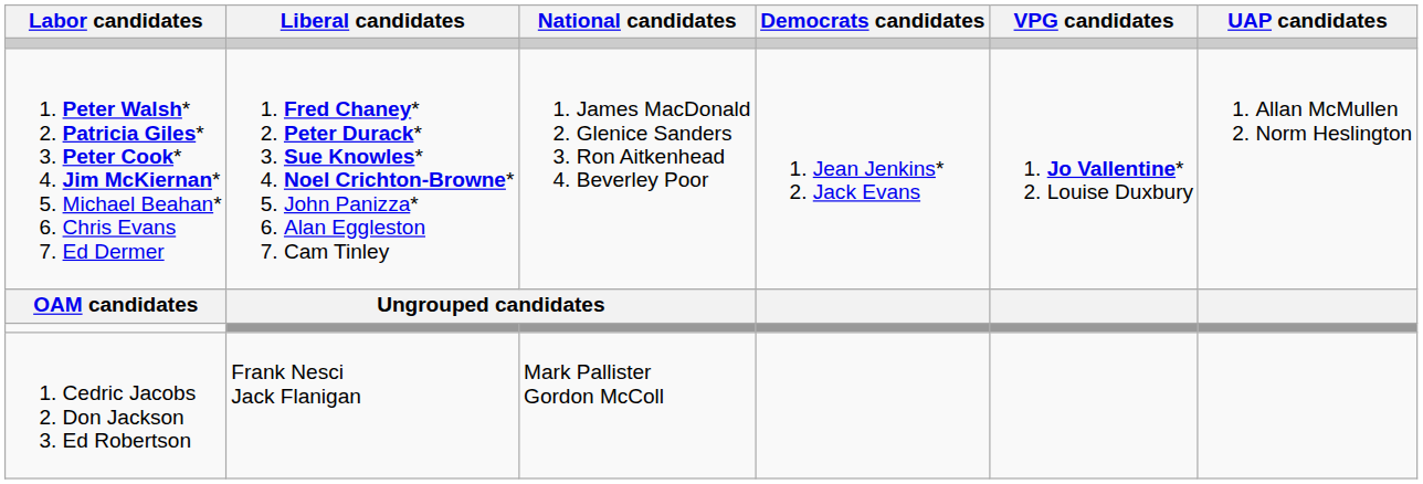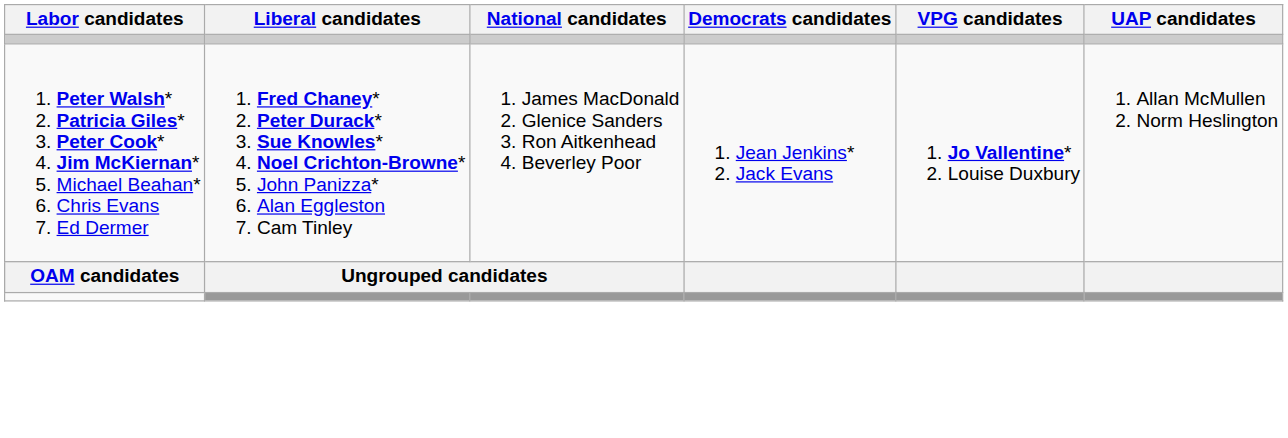 <table class="wikitable">
 <tr>
 <th><a href='#'>Labor</a> candidates</th>
 <th><a href='#'>Liberal</a> candidates</th>
 <th><a href='#'>National</a> candidates</th>
 <th><a href='#'>Democrats</a> candidates</th>
 <th><a href='#'>VPG</a> candidates</th>
 <th><a href='#'>UAP</a> candidates</th>
 </tr>
 <tr bgcolor="#cccccc">
 <td></td>
 <td></td>
 <td></td>
 <td></td>
 <td></td>
 <td></td>
 </tr>
 <tr>
 <td><br><ol><li><strong><a href='#'>Peter Walsh</a></strong>*</li><li><strong><a href='#'>Patricia Giles</a></strong>*</li><li><strong><a href='#'>Peter Cook</a></strong>*</li><li><strong><a href='#'>Jim McKiernan</a></strong>*</li><li><a href='#'>Michael Beahan</a>*</li><li><a href='#'>Chris Evans</a></li><li><a href='#'>Ed Dermer</a></li></ol></td>
 <td><br><ol><li><strong><a href='#'>Fred Chaney</a></strong>*</li><li><strong><a href='#'>Peter Durack</a></strong>*</li><li><strong><a href='#'>Sue Knowles</a></strong>*</li><li><strong><a href='#'>Noel Crichton-Browne</a></strong>*</li><li><a href='#'>John Panizza</a>*</li><li><a href='#'>Alan Eggleston</a></li><li>Cam Tinley</li></ol></td>
 <td valign=top><br><ol><li>James MacDonald</li><li>Glenice Sanders</li><li>Ron Aitkenhead</li><li>Beverley Poor</li></ol></td>
 <td><br><ol><li><a href='#'>Jean Jenkins</a>*</li><li><a href='#'>Jack Evans</a></li></ol></td>
 <td><br><ol><li><strong><a href='#'>Jo Vallentine</a></strong>*</li><li>Louise Duxbury</li></ol></td>
 <td valign=top><br><ol><li>Allan McMullen</li><li>Norm Heslington</li></ol></td>
 </tr>
 <tr bgcolor="#cccccc">
 <th><a href='#'>OAM</a> candidates</th>
 <th colspan="2">Ungrouped candidates</th>
 <th></th>
 <th></th>
 <th></th>
 </tr>
 <tr>
 <td></td>
 <td bgcolor="#999999"></td>
 <td bgcolor="#999999"></td>
 <td bgcolor="#999999"></td>
 <td bgcolor="#999999"></td>
 <td bgcolor="#999999"></td>
 </tr>
-<tr>
-<td valign=top><br><ol><li>Cedric Jacobs</li><li>Don Jackson</li><li>Ed Robertson</li></ol></td>
-<td valign=top><br>Frank Nesci<br> Jack Flanigan</td>
-<td valign=top><br>Mark Pallister<br> Gordon McColl</td>
-<td valign=top></td>
-<td valign=top></td>
-<td valign=top></td>
-</tr>
 </table>
